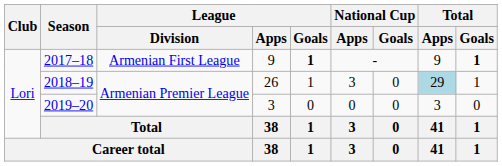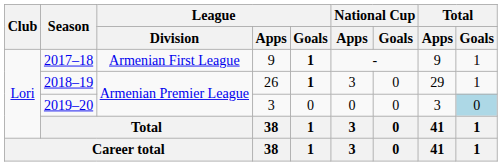 <table class="wikitable" style="text-align: center">
 <tr>
 <th rowspan="2">Club</th>
 <th rowspan="2">Season</th>
 <th colspan="3">League</th>
 <th colspan="2">National Cup</th>
 <th colspan="2">Total</th>
 </tr>
 <tr>
 <th>Division</th>
 <th>Apps</th>
 <th>Goals</th>
 <th>Apps</th>
 <th>Goals</th>
 <th>Apps</th>
 <th>Goals</th>
 </tr>
 <tr>
 <td rowspan="4"><a href='#'>Lori</a></td>
 <td><a href='#'>2017–18</a></td>
 <td><a href='#'>Armenian First League</a></td>
 <td>9</td>
 <td><strong>1</strong></td>
 <td colspan="2">-</td>
 <td>9</td>
-<td><strong>1</strong></td>
+<td>1</td>
 </tr>
 <tr>
 <td><a href='#'>2018–19</a></td>
 <td rowspan="2"><a href='#'>Armenian Premier League</a></td>
 <td>26</td>
-<td>1</td>
+<td><strong>1</strong></td>
 <td>3</td>
 <td>0</td>
-<td style="background: lightblue;">29</td>
+<td>29</td>
 <td>1</td>
 </tr>
 <tr>
 <td><a href='#'>2019–20</a></td>
 <td>3</td>
 <td>0</td>
 <td>0</td>
 <td>0</td>
 <td>3</td>
-<td>0</td>
+<td style="background: lightblue;">0</td>
 </tr>
 <tr>
 <th colspan="2">Total</th>
 <th>38</th>
 <th>1</th>
 <th>3</th>
 <th>0</th>
 <th>41</th>
 <th>1</th>
 </tr>
 <tr>
 <th colspan="3">Career total</th>
 <th>38</th>
 <th>1</th>
 <th>3</th>
 <th>0</th>
 <th>41</th>
 <th>1</th>
 </tr>
 </table>
